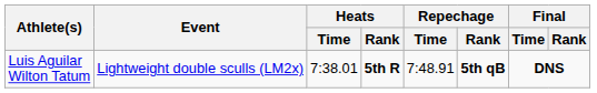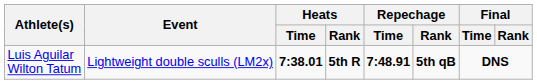 <table class="wikitable" border="1" style="font-size:90%">
 <tr>
 <th rowspan=2>Athlete(s)</th>
 <th rowspan=2>Event</th>
 <th colspan=2>Heats</th>
 <th colspan=2>Repechage</th>
 <th colspan=2>Final</th>
 </tr>
 <tr>
 <th>Time</th>
 <th>Rank</th>
 <th>Time</th>
 <th>Rank</th>
 <th>Time</th>
 <th>Rank</th>
 </tr>
 <tr>
 <td><a href='#'>Luis Aguilar</a><br><a href='#'>Wilton Tatum</a></td>
 <td><a href='#'>Lightweight double sculls (LM2x)</a></td>
-<td align=center>7:38.01</td>
+<td align=center><strong>7:38.01</strong></td>
 <td align=center><strong>5th R</strong></td>
-<td align=center>7:48.91</td>
+<td align=center><strong>7:48.91</strong></td>
 <td align=center><strong>5th qB</strong></td>
 <td align=center colspan=2><strong>DNS</strong></td>
 </tr>
 </table>
